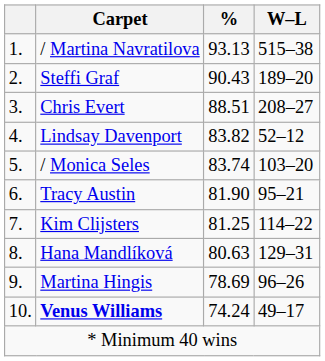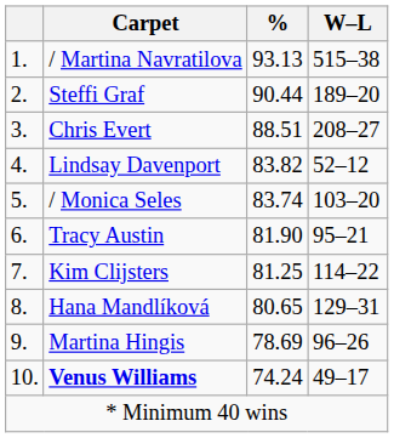 <table class="wikitable" style="display:inline-table">
 <tr>
 <th></th>
 <th>Carpet</th>
 <th>%</th>
 <th style="width:50px;">W–L</th>
 </tr>
 <tr>
 <td>1.</td>
 <td nowrap>/ <a href='#'>Martina Navratilova</a></td>
 <td>93.13</td>
 <td>515–38</td>
 </tr>
 <tr>
 <td>2.</td>
 <td> <a href='#'>Steffi Graf</a></td>
-<td>90.43</td>
+<td>90.44</td>
 <td>189–20</td>
 </tr>
 <tr>
 <td>3.</td>
 <td> <a href='#'>Chris Evert</a></td>
 <td>88.51</td>
 <td>208–27</td>
 </tr>
 <tr>
 <td>4.</td>
 <td> <a href='#'>Lindsay Davenport</a></td>
 <td>83.82</td>
 <td>52–12</td>
 </tr>
 <tr>
 <td>5.</td>
 <td> / <a href='#'>Monica Seles</a></td>
 <td>83.74</td>
 <td>103–20</td>
 </tr>
 <tr>
 <td>6.</td>
 <td> <a href='#'>Tracy Austin</a></td>
 <td>81.90</td>
 <td>95–21</td>
 </tr>
 <tr>
 <td>7.</td>
 <td> <a href='#'>Kim Clijsters</a></td>
 <td>81.25</td>
 <td>114–22</td>
 </tr>
 <tr>
 <td>8.</td>
 <td> <a href='#'>Hana Mandlíková</a></td>
-<td>80.63</td>
+<td>80.65</td>
 <td>129–31</td>
 </tr>
 <tr>
 <td>9.</td>
 <td> <a href='#'>Martina Hingis</a></td>
 <td>78.69</td>
 <td>96–26</td>
 </tr>
 <tr>
 <td>10.</td>
 <td> <strong><a href='#'>Venus Williams</a></strong></td>
 <td>74.24</td>
 <td>49–17</td>
 </tr>
 <tr>
 <td colspan=4 style="text-align:center;">* Minimum 40 wins</td>
 </tr>
 </table>
